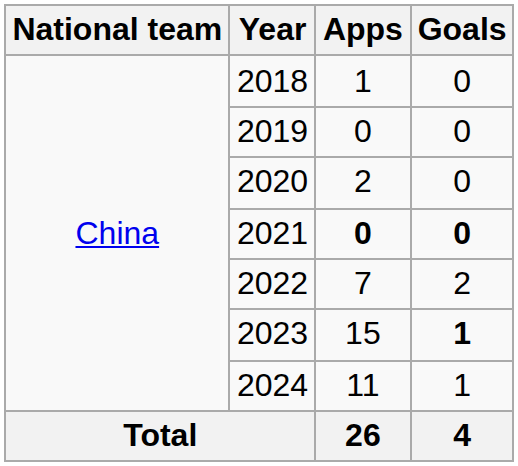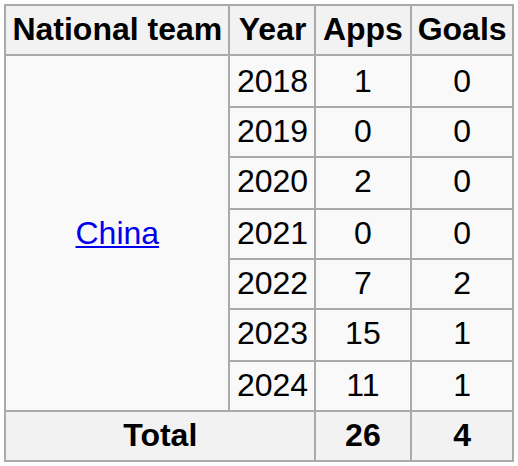 <table class="wikitable" style="text-align:center">
 <tr>
 <th>National team</th>
 <th>Year</th>
 <th>Apps</th>
 <th>Goals</th>
 </tr>
 <tr>
 <td rowspan="7"><a href='#'>China</a></td>
 <td>2018</td>
 <td>1</td>
 <td>0</td>
 </tr>
 <tr>
 <td>2019</td>
 <td>0</td>
 <td>0</td>
 </tr>
 <tr>
 <td>2020</td>
 <td>2</td>
 <td>0</td>
 </tr>
 <tr>
 <td>2021</td>
-<td><strong>0</strong></td>
-<td><strong>0</strong></td>
+<td>0</td>
+<td>0</td>
 </tr>
 <tr>
 <td>2022</td>
 <td>7</td>
 <td>2</td>
 </tr>
 <tr>
 <td>2023</td>
 <td>15</td>
-<td><strong>1</strong></td>
+<td>1</td>
 </tr>
 <tr>
 <td>2024</td>
 <td>11</td>
 <td>1</td>
 </tr>
 <tr>
 <th colspan="2">Total</th>
 <th>26</th>
 <th>4</th>
 </tr>
 </table>
